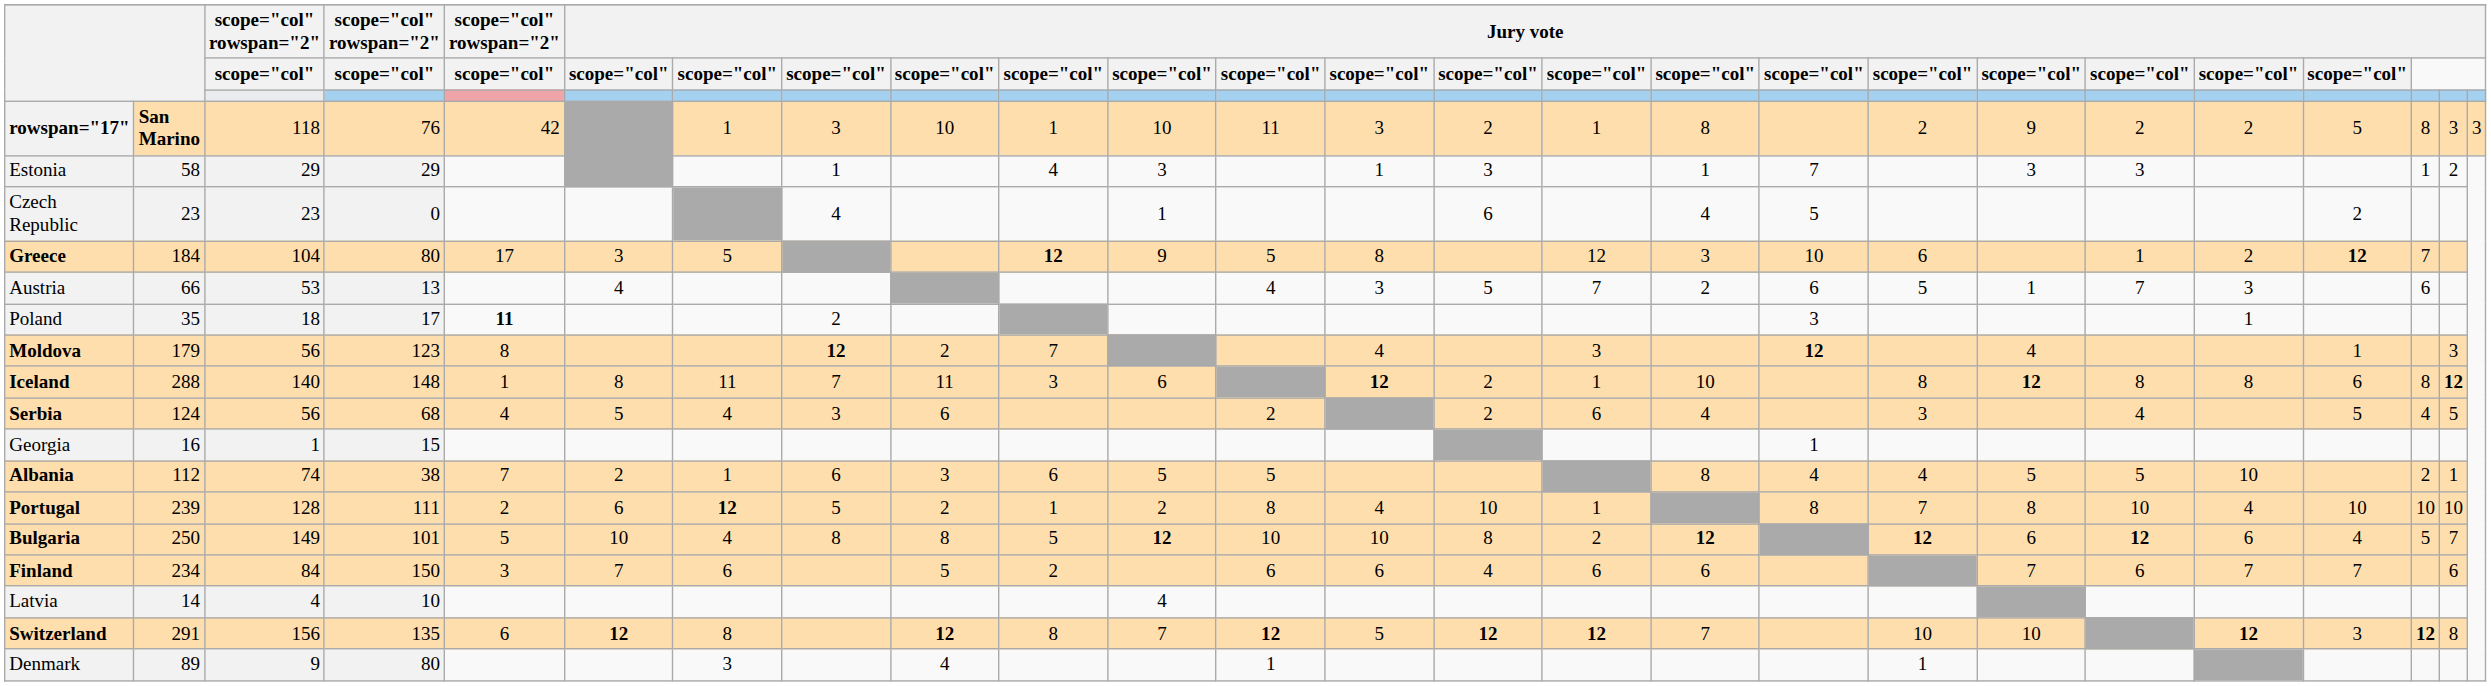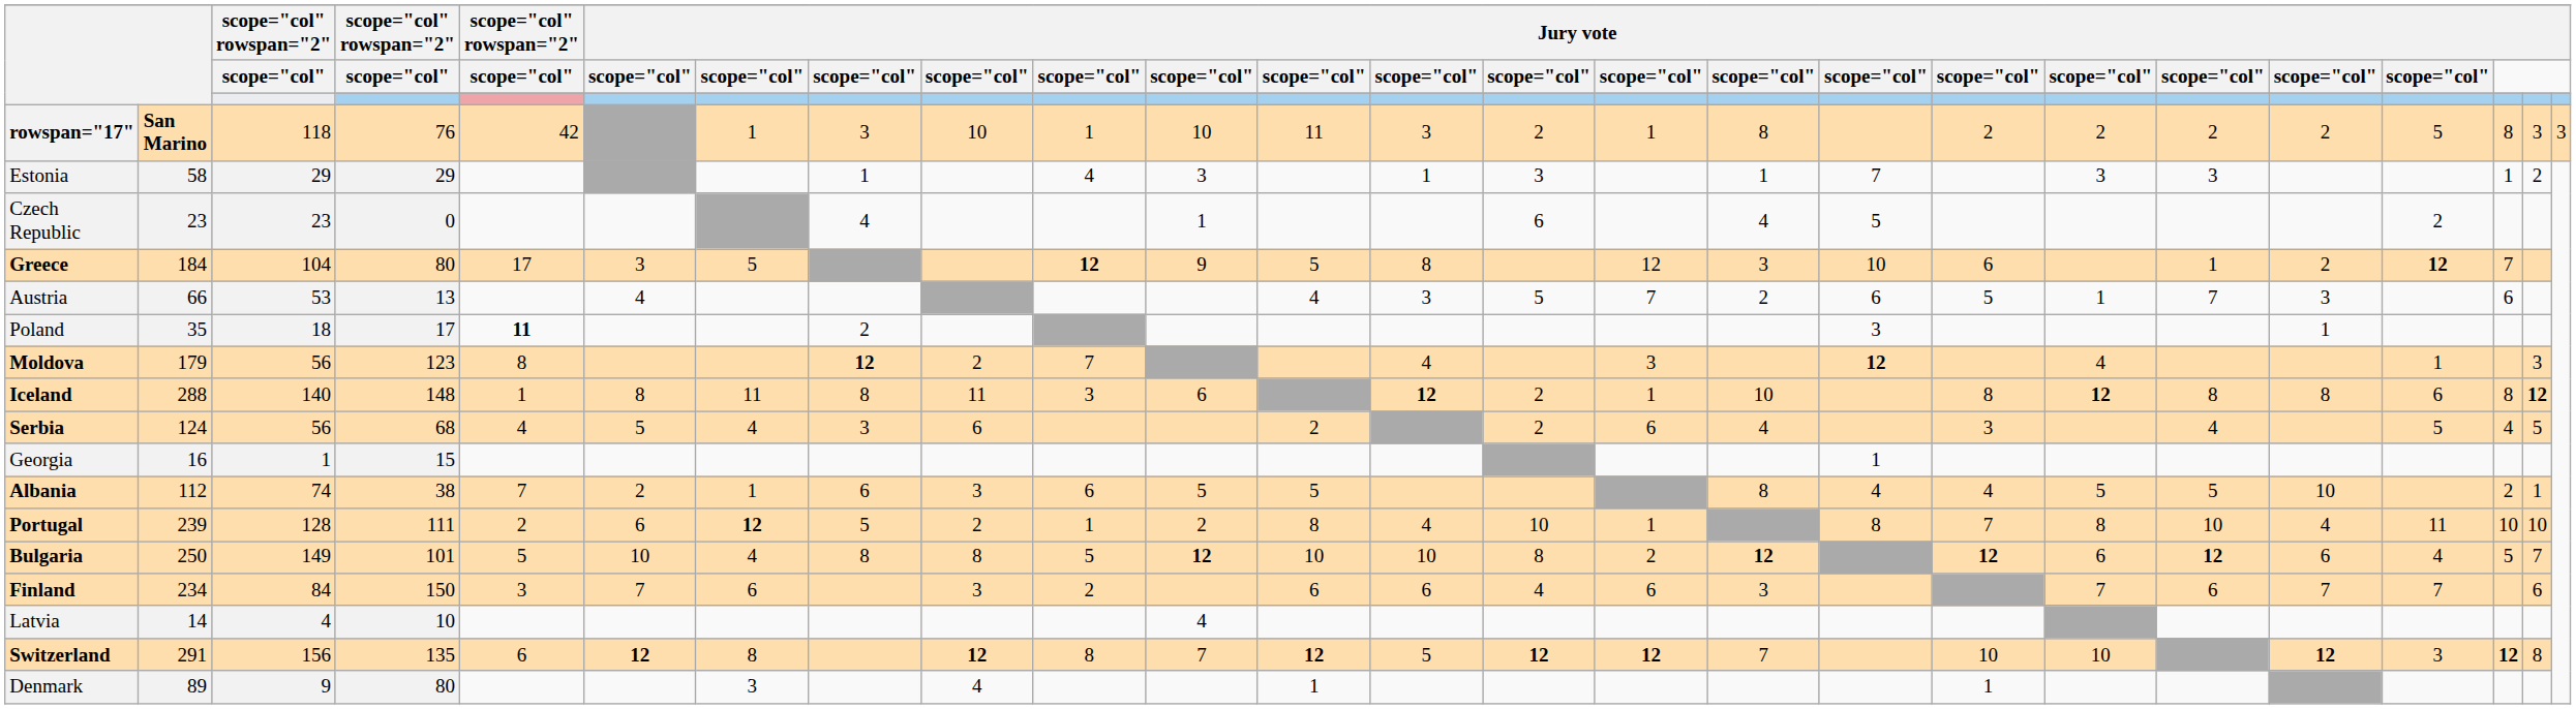 <table class="wikitable plainrowheaders" style="text-align:center; font-size:85%;">
 <tr>
 </tr>
 <tr>
 <td colspan="2" rowspan="3" style="background: #F2F2F2;"></td>
 <th>scope="col" rowspan="2" </th>
 <th>scope="col" rowspan="2" </th>
 <th>scope="col" rowspan="2" </th>
 <th scope="col" colspan="20">Jury vote</th>
 </tr>
 <tr>
 <th>scope="col" </th>
 <th>scope="col" </th>
 <th>scope="col" </th>
 <th>scope="col" </th>
 <th>scope="col" </th>
 <th>scope="col" </th>
 <th>scope="col" </th>
 <th>scope="col" </th>
 <th>scope="col" </th>
 <th>scope="col" </th>
 <th>scope="col" </th>
 <th>scope="col" </th>
 <th>scope="col" </th>
 <th>scope="col" </th>
 <th>scope="col" </th>
 <th>scope="col" </th>
 <th>scope="col" </th>
 <th>scope="col" </th>
 <th>scope="col" </th>
 <th>scope="col" </th>
 </tr>
 <tr>
 <td style="height:2px; background:#eaecf0; border-top:1px solid transparent;"></td>
 <td style="background:#A4D1EF;"></td>
 <td style="background:#EFA4A9;"></td>
 <th style="background:#A4D1EF;"></th>
 <th style="background:#A4D1EF;"></th>
 <th style="background:#A4D1EF;"></th>
 <th style="background:#A4D1EF;"></th>
 <th style="background:#A4D1EF;"></th>
 <th style="background:#A4D1EF;"></th>
 <th style="background:#A4D1EF;"></th>
 <th style="background:#A4D1EF;"></th>
 <th style="background:#A4D1EF;"></th>
 <th style="background:#A4D1EF;"></th>
 <th style="background:#A4D1EF;"></th>
 <th style="background:#A4D1EF;"></th>
 <th style="background:#A4D1EF;"></th>
 <th style="background:#A4D1EF;"></th>
 <th style="background:#A4D1EF;"></th>
 <th style="background:#A4D1EF;"></th>
 <th style="background:#A4D1EF;"></th>
 <th style="background:#A4D1EF;"></th>
 <th style="background:#A4D1EF;"></th>
 <th style="background:#A4D1EF;"></th>
 </tr>
 <tr style="background:#ffdead;">
 <th>rowspan="17" </th>
 <td scope="row" style="text-align:left; font-weight:bold; background:#ffdead;">San Marino</td>
 <td style="text-align:right;">118</td>
 <td style="text-align:right;">76</td>
 <td style="text-align:right;">42</td>
 <td style="text-align:left; background:#aaa;"></td>
 <td>1</td>
 <td>3</td>
 <td>10</td>
 <td>1</td>
 <td>10</td>
 <td>11</td>
 <td>3</td>
 <td>2</td>
 <td>1</td>
 <td>8</td>
 <td></td>
 <td>2</td>
-<td>9</td>
+<td>2</td>
 <td>2</td>
 <td>2</td>
 <td>5</td>
 <td>8</td>
 <td>3</td>
 <td>3</td>
 </tr>
 <tr>
 <td scope="row" style="text-align:left; background:#f2f2f2;">Estonia</td>
 <td style="text-align:right; background:#f2f2f2;">58</td>
 <td style="text-align:right; background:#f2f2f2;">29</td>
 <td style="text-align:right; background:#f2f2f2;">29</td>
 <td></td>
 <td style="text-align:left; background:#aaa;"></td>
 <td></td>
 <td>1</td>
 <td></td>
 <td>4</td>
 <td>3</td>
 <td></td>
 <td>1</td>
 <td>3</td>
 <td></td>
 <td>1</td>
 <td>7</td>
 <td></td>
 <td>3</td>
 <td>3</td>
 <td></td>
 <td></td>
 <td>1</td>
 <td>2</td>
 </tr>
 <tr>
 <td scope="row" style="text-align:left; background:#f2f2f2;">Czech Republic</td>
 <td style="text-align:right; background:#f2f2f2;">23</td>
 <td style="text-align:right; background:#f2f2f2;">23</td>
 <td style="text-align:right; background:#f2f2f2;">0</td>
 <td></td>
 <td></td>
 <td style="text-align:left; background:#aaa;"></td>
 <td>4</td>
 <td></td>
 <td></td>
 <td>1</td>
 <td></td>
 <td></td>
 <td>6</td>
 <td></td>
 <td>4</td>
 <td>5</td>
 <td></td>
 <td></td>
 <td></td>
 <td></td>
 <td>2</td>
 <td></td>
 <td></td>
 </tr>
 <tr style="background:#ffdead;">
 <td scope="row" style="text-align:left; font-weight:bold; background:#ffdead;">Greece</td>
 <td style="text-align:right;">184</td>
 <td style="text-align:right;">104</td>
 <td style="text-align:right;">80</td>
 <td>17</td>
 <td>3</td>
 <td>5</td>
 <td style="text-align:left; background:#aaa;"></td>
 <td></td>
 <td><strong>12</strong></td>
 <td>9</td>
 <td>5</td>
 <td>8</td>
 <td></td>
 <td>12</td>
 <td>3</td>
 <td>10</td>
 <td>6</td>
 <td></td>
 <td>1</td>
 <td>2</td>
 <td><strong>12</strong></td>
 <td>7</td>
 <td></td>
 </tr>
 <tr>
 <td scope="row" style="text-align:left; background:#f2f2f2;">Austria</td>
 <td style="text-align:right; background:#f2f2f2;">66</td>
 <td style="text-align:right; background:#f2f2f2;">53</td>
 <td style="text-align:right; background:#f2f2f2;">13</td>
 <td></td>
 <td>4</td>
 <td></td>
 <td></td>
 <td style="text-align:left; background:#aaa;"></td>
 <td></td>
 <td></td>
 <td>4</td>
 <td>3</td>
 <td>5</td>
 <td>7</td>
 <td>2</td>
 <td>6</td>
 <td>5</td>
 <td>1</td>
 <td>7</td>
 <td>3</td>
 <td></td>
 <td>6</td>
 <td></td>
 </tr>
 <tr>
 <td scope="row" style="text-align:left; background:#f2f2f2;">Poland</td>
 <td style="text-align:right; background:#f2f2f2;">35</td>
 <td style="text-align:right; background:#f2f2f2;">18</td>
 <td style="text-align:right; background:#f2f2f2;">17</td>
 <td><strong>11</strong></td>
 <td></td>
 <td></td>
 <td>2</td>
 <td></td>
 <td style="text-align:left; background:#aaa;"></td>
 <td></td>
 <td></td>
 <td></td>
 <td></td>
 <td></td>
 <td></td>
 <td>3</td>
 <td></td>
 <td></td>
 <td></td>
 <td>1</td>
 <td></td>
 <td></td>
 <td></td>
 </tr>
 <tr style="background:#ffdead;">
 <td scope="row" style="text-align:left; font-weight:bold; background:#ffdead;">Moldova</td>
 <td style="text-align:right;">179</td>
 <td style="text-align:right;">56</td>
 <td style="text-align:right;">123</td>
 <td>8</td>
 <td></td>
 <td></td>
 <td><strong>12</strong></td>
 <td>2</td>
 <td>7</td>
 <td style="text-align:left; background:#aaa;"></td>
 <td></td>
 <td>4</td>
 <td></td>
 <td>3</td>
 <td></td>
 <td><strong>12</strong></td>
 <td></td>
 <td>4</td>
 <td></td>
 <td></td>
 <td>1</td>
 <td></td>
 <td>3</td>
 </tr>
 <tr style="background:#ffdead;">
 <td scope="row" style="text-align:left; font-weight:bold; background:#ffdead;">Iceland</td>
 <td style="text-align:right;">288</td>
 <td style="text-align:right;">140</td>
 <td style="text-align:right;">148</td>
 <td>1</td>
 <td>8</td>
 <td>11</td>
-<td>7</td>
+<td>8</td>
 <td>11</td>
 <td>3</td>
 <td>6</td>
 <td style="text-align:left; background:#aaa;"></td>
 <td><strong>12</strong></td>
 <td>2</td>
 <td>1</td>
 <td>10</td>
 <td></td>
 <td>8</td>
 <td><strong>12</strong></td>
 <td>8</td>
 <td>8</td>
 <td>6</td>
 <td>8</td>
 <td><strong>12</strong></td>
 </tr>
 <tr style="background:#ffdead;">
 <td scope="row" style="text-align:left; font-weight:bold; background:#ffdead;">Serbia</td>
 <td style="text-align:right;">124</td>
 <td style="text-align:right;">56</td>
 <td style="text-align:right;">68</td>
 <td>4</td>
 <td>5</td>
 <td>4</td>
 <td>3</td>
 <td>6</td>
 <td></td>
 <td></td>
 <td>2</td>
 <td style="text-align:left; background:#aaa;"></td>
 <td>2</td>
 <td>6</td>
 <td>4</td>
 <td></td>
 <td>3</td>
 <td></td>
 <td>4</td>
 <td></td>
 <td>5</td>
 <td>4</td>
 <td>5</td>
 </tr>
 <tr>
 <td scope="row" style="text-align:left; background:#f2f2f2;">Georgia</td>
 <td style="text-align:right; background:#f2f2f2;">16</td>
 <td style="text-align:right; background:#f2f2f2;">1</td>
 <td style="text-align:right; background:#f2f2f2;">15</td>
 <td></td>
 <td></td>
 <td></td>
 <td></td>
 <td></td>
 <td></td>
 <td></td>
 <td></td>
 <td></td>
 <td style="text-align:left; background:#aaa;"></td>
 <td></td>
 <td></td>
 <td>1</td>
 <td></td>
 <td></td>
 <td></td>
 <td></td>
 <td></td>
 <td></td>
 <td></td>
 </tr>
 <tr style="background:#ffdead;">
 <td scope="row" style="text-align:left; font-weight:bold; background:#ffdead;">Albania</td>
 <td style="text-align:right;">112</td>
 <td style="text-align:right;">74</td>
 <td style="text-align:right;">38</td>
 <td>7</td>
 <td>2</td>
 <td>1</td>
 <td>6</td>
 <td>3</td>
 <td>6</td>
 <td>5</td>
 <td>5</td>
 <td></td>
 <td></td>
 <td style="text-align:left; background:#aaa;"></td>
 <td>8</td>
 <td>4</td>
 <td>4</td>
 <td>5</td>
 <td>5</td>
 <td>10</td>
 <td></td>
 <td>2</td>
 <td>1</td>
 </tr>
 <tr style="background:#ffdead;">
 <td scope="row" style="text-align:left; font-weight:bold; background:#ffdead;">Portugal</td>
 <td style="text-align:right;">239</td>
 <td style="text-align:right;">128</td>
 <td style="text-align:right;">111</td>
 <td>2</td>
 <td>6</td>
 <td><strong>12</strong></td>
 <td>5</td>
 <td>2</td>
 <td>1</td>
 <td>2</td>
 <td>8</td>
 <td>4</td>
 <td>10</td>
 <td>1</td>
 <td style="text-align:left; background:#aaa;"></td>
 <td>8</td>
 <td>7</td>
 <td>8</td>
 <td>10</td>
 <td>4</td>
-<td>10</td>
+<td>11</td>
 <td>10</td>
 <td>10</td>
 </tr>
 <tr style="background:#ffdead;">
 <td scope="row" style="text-align:left; font-weight:bold; background:#ffdead;">Bulgaria</td>
 <td style="text-align:right;">250</td>
 <td style="text-align:right;">149</td>
 <td style="text-align:right;">101</td>
 <td>5</td>
 <td>10</td>
 <td>4</td>
 <td>8</td>
 <td>8</td>
 <td>5</td>
 <td><strong>12</strong></td>
 <td>10</td>
 <td>10</td>
 <td>8</td>
 <td>2</td>
 <td><strong>12</strong></td>
 <td style="text-align:left; background:#aaa;"></td>
 <td><strong>12</strong></td>
 <td>6</td>
 <td><strong>12</strong></td>
 <td>6</td>
 <td>4</td>
 <td>5</td>
 <td>7</td>
 </tr>
 <tr style="background:#ffdead;">
 <td scope="row" style="text-align:left; font-weight:bold; background:#ffdead;">Finland</td>
 <td style="text-align:right;">234</td>
 <td style="text-align:right;">84</td>
 <td style="text-align:right;">150</td>
 <td>3</td>
 <td>7</td>
 <td>6</td>
 <td></td>
-<td>5</td>
+<td>3</td>
 <td>2</td>
 <td></td>
 <td>6</td>
 <td>6</td>
 <td>4</td>
 <td>6</td>
-<td>6</td>
+<td>3</td>
 <td></td>
 <td style="text-align:left; background:#aaa;"></td>
 <td>7</td>
 <td>6</td>
 <td>7</td>
 <td>7</td>
 <td></td>
 <td>6</td>
 </tr>
 <tr>
 <td scope="row" style="text-align:left; background:#f2f2f2;">Latvia</td>
 <td style="text-align:right; background:#f2f2f2;">14</td>
 <td style="text-align:right; background:#f2f2f2;">4</td>
 <td style="text-align:right; background:#f2f2f2;">10</td>
 <td></td>
 <td></td>
 <td></td>
 <td></td>
 <td></td>
 <td></td>
 <td>4</td>
 <td></td>
 <td></td>
 <td></td>
 <td></td>
 <td></td>
 <td></td>
 <td></td>
 <td style="text-align:left; background:#aaa;"></td>
 <td></td>
 <td></td>
 <td></td>
 <td></td>
 <td></td>
 </tr>
 <tr style="background:#ffdead;">
 <td scope="row" style="text-align:left; font-weight:bold; background:#ffdead;">Switzerland</td>
 <td style="text-align:right;">291</td>
 <td style="text-align:right;">156</td>
 <td style="text-align:right;">135</td>
 <td>6</td>
 <td><strong>12</strong></td>
 <td>8</td>
 <td></td>
 <td><strong>12</strong></td>
 <td>8</td>
 <td>7</td>
 <td><strong>12</strong></td>
 <td>5</td>
 <td><strong>12</strong></td>
 <td><strong>12</strong></td>
 <td>7</td>
 <td></td>
 <td>10</td>
 <td>10</td>
 <td style="text-align:left; background:#aaa;"></td>
 <td><strong>12</strong></td>
 <td>3</td>
 <td><strong>12</strong></td>
 <td>8</td>
 </tr>
 <tr>
 <td scope="row" style="text-align:left; background:#f2f2f2;">Denmark</td>
 <td style="text-align:right; background:#f2f2f2;">89</td>
 <td style="text-align:right; background:#f2f2f2;">9</td>
 <td style="text-align:right; background:#f2f2f2;">80</td>
 <td></td>
 <td></td>
 <td>3</td>
 <td></td>
 <td>4</td>
 <td></td>
 <td></td>
 <td>1</td>
 <td></td>
 <td></td>
 <td></td>
 <td></td>
 <td></td>
 <td>1</td>
 <td></td>
 <td></td>
 <td style="text-align:left; background:#aaa;"></td>
 <td></td>
 <td></td>
 <td></td>
 </tr>
 </table>
